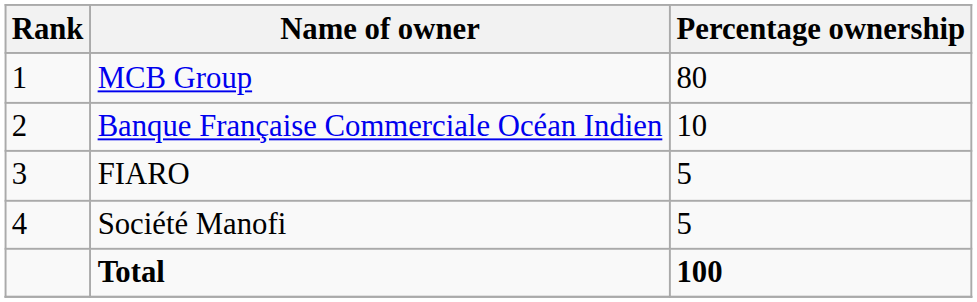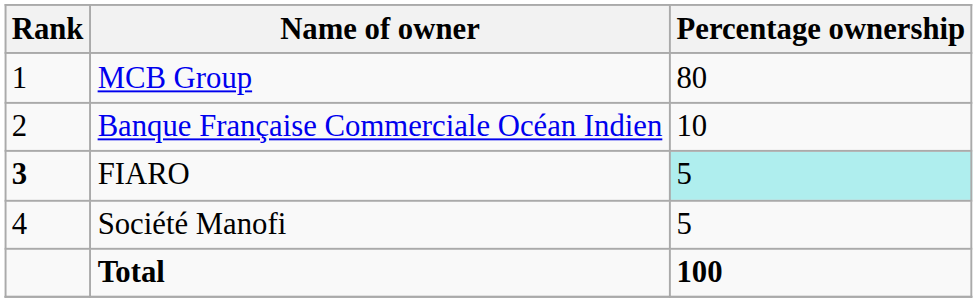 <table class="wikitable sortable" style="margin-left:auto;margin-right:auto">
 <tr>
 <th style="width:2em;">Rank</th>
 <th>Name of owner</th>
 <th>Percentage ownership</th>
 </tr>
 <tr>
 <td>1</td>
 <td><a href='#'>MCB Group</a></td>
 <td>80</td>
 </tr>
 <tr>
 <td>2</td>
 <td><a href='#'>Banque Française Commerciale Océan Indien</a></td>
 <td>10</td>
 </tr>
 <tr>
-<td>3</td>
+<td><strong>3</strong></td>
 <td>FIARO</td>
-<td>5</td>
+<td style="background: paleturquoise;">5</td>
 </tr>
 <tr>
 <td>4</td>
 <td>Société Manofi</td>
 <td>5</td>
 </tr>
 <tr>
 <td></td>
 <td><strong>Total</strong></td>
 <td><strong>100</strong></td>
 </tr>
 <tr>
 </tr>
 </table>
